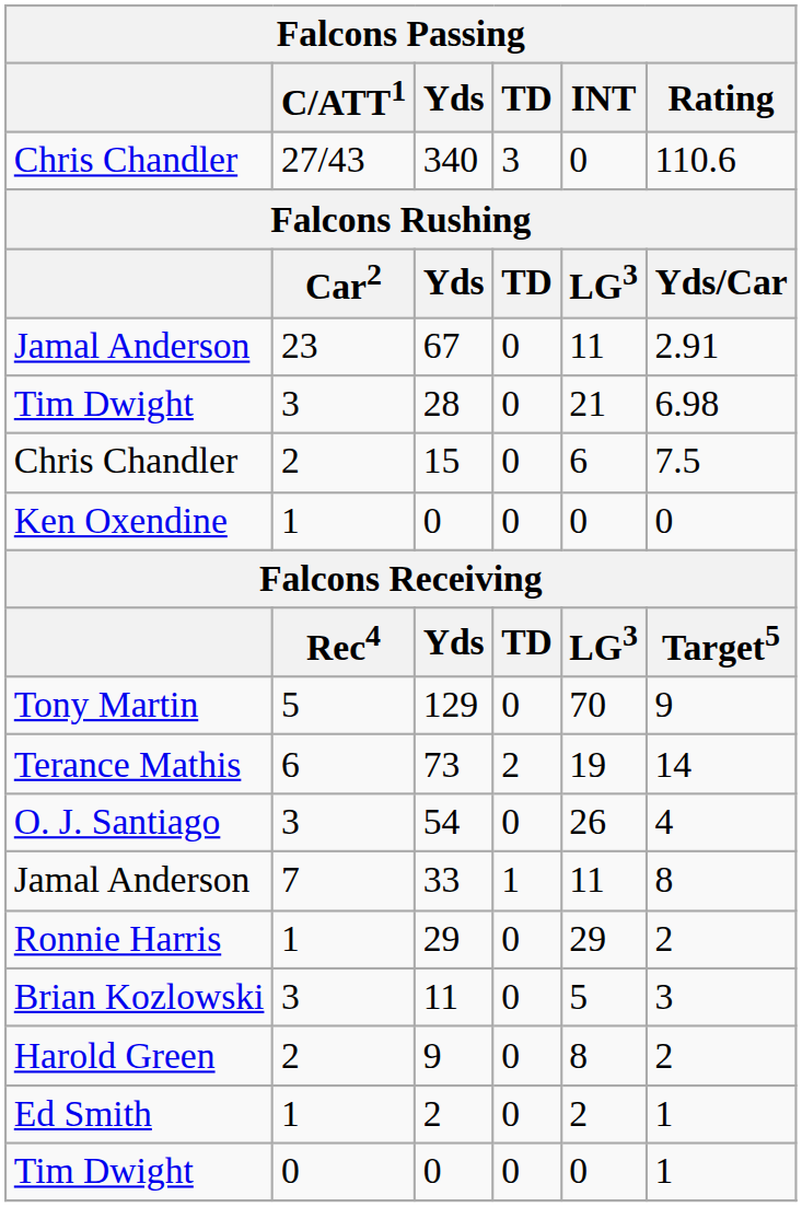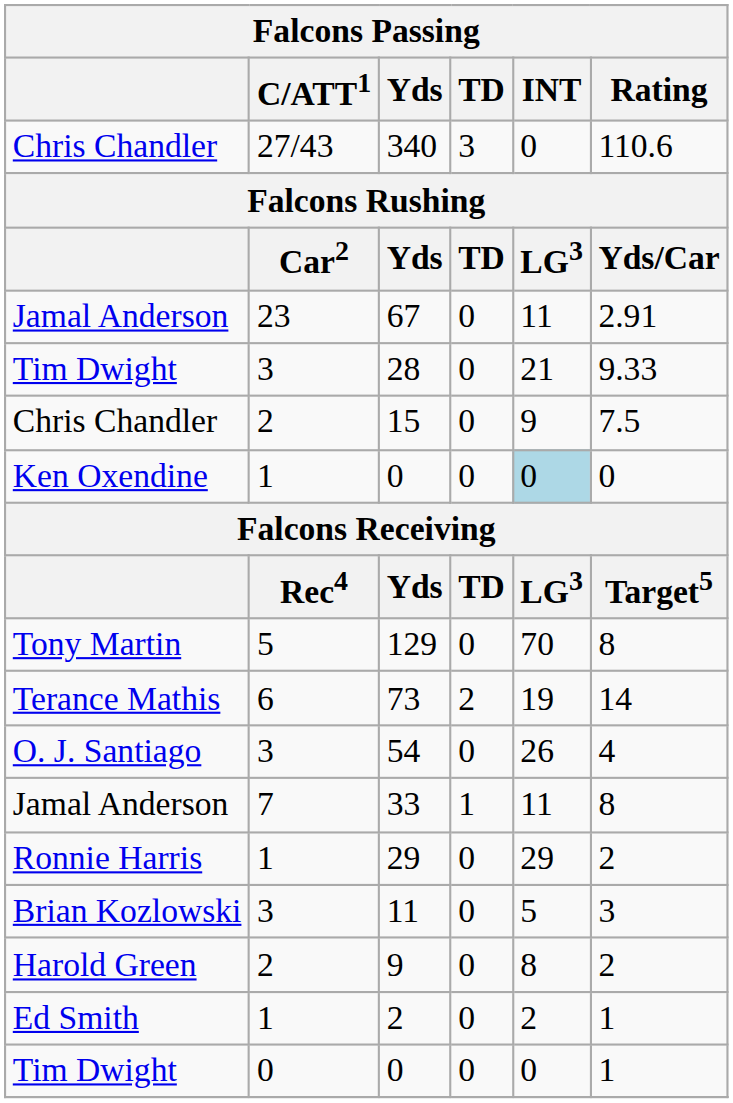 <table class="wikitable">
 <tr>
 <th colspan="6">Falcons Passing</th>
 </tr>
 <tr>
 <th></th>
 <th>C/ATT<sup>1</sup></th>
 <th>Yds</th>
 <th>TD</th>
 <th>INT</th>
 <th>Rating</th>
 </tr>
 <tr>
 <td><a href='#'>Chris Chandler</a></td>
 <td>27/43</td>
 <td>340</td>
 <td>3</td>
 <td>0</td>
 <td>110.6</td>
 </tr>
 <tr>
 <th colspan="6">Falcons Rushing</th>
 </tr>
 <tr>
 <th></th>
 <th>Car<sup>2</sup></th>
 <th>Yds</th>
 <th>TD</th>
 <th>LG<sup>3</sup></th>
 <th>Yds/Car</th>
 </tr>
 <tr>
 <td><a href='#'>Jamal Anderson</a></td>
 <td>23</td>
 <td>67</td>
 <td>0</td>
 <td>11</td>
 <td>2.91</td>
 </tr>
 <tr>
 <td><a href='#'>Tim Dwight</a></td>
 <td>3</td>
 <td>28</td>
 <td>0</td>
 <td>21</td>
-<td>6.98</td>
+<td>9.33</td>
 </tr>
 <tr>
 <td>Chris Chandler</td>
 <td>2</td>
 <td>15</td>
 <td>0</td>
-<td>6</td>
+<td>9</td>
 <td>7.5</td>
 </tr>
 <tr>
 <td><a href='#'>Ken Oxendine</a></td>
 <td>1</td>
 <td>0</td>
 <td>0</td>
-<td>0</td>
+<td style="background: lightblue;">0</td>
 <td>0</td>
 </tr>
 <tr>
 <th colspan="6">Falcons Receiving</th>
 </tr>
 <tr>
 <th></th>
 <th>Rec<sup>4</sup></th>
 <th>Yds</th>
 <th>TD</th>
 <th>LG<sup>3</sup></th>
 <th>Target<sup>5</sup></th>
 </tr>
 <tr>
 <td><a href='#'>Tony Martin</a></td>
 <td>5</td>
 <td>129</td>
 <td>0</td>
 <td>70</td>
-<td>9</td>
+<td>8</td>
 </tr>
 <tr>
 <td><a href='#'>Terance Mathis</a></td>
 <td>6</td>
 <td>73</td>
 <td>2</td>
 <td>19</td>
 <td>14</td>
 </tr>
 <tr>
 <td><a href='#'>O. J. Santiago</a></td>
 <td>3</td>
 <td>54</td>
 <td>0</td>
 <td>26</td>
 <td>4</td>
 </tr>
 <tr>
 <td>Jamal Anderson</td>
 <td>7</td>
 <td>33</td>
 <td>1</td>
 <td>11</td>
 <td>8</td>
 </tr>
 <tr>
 <td><a href='#'>Ronnie Harris</a></td>
 <td>1</td>
 <td>29</td>
 <td>0</td>
 <td>29</td>
 <td>2</td>
 </tr>
 <tr>
 <td><a href='#'>Brian Kozlowski</a></td>
 <td>3</td>
 <td>11</td>
 <td>0</td>
 <td>5</td>
 <td>3</td>
 </tr>
 <tr>
 <td><a href='#'>Harold Green</a></td>
 <td>2</td>
 <td>9</td>
 <td>0</td>
 <td>8</td>
 <td>2</td>
 </tr>
 <tr>
 <td><a href='#'>Ed Smith</a></td>
 <td>1</td>
 <td>2</td>
 <td>0</td>
 <td>2</td>
 <td>1</td>
 </tr>
 <tr>
 <td><a href='#'>Tim Dwight</a></td>
 <td>0</td>
 <td>0</td>
 <td>0</td>
 <td>0</td>
 <td>1</td>
 </tr>
 <tr>
 </tr>
 </table>
